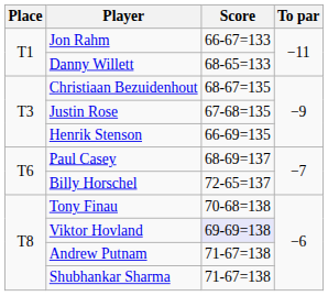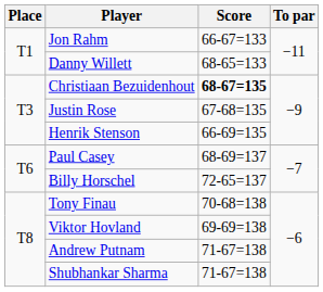 <table class="wikitable">
 <tr>
 <th>Place</th>
 <th>Player</th>
 <th>Score</th>
 <th>To par</th>
 </tr>
 <tr>
 <td align=center rowspan=2>T1</td>
 <td> <a href='#'>Jon Rahm</a></td>
 <td>66-67=133</td>
 <td align=center rowspan=2>−11</td>
 </tr>
 <tr>
 <td> <a href='#'>Danny Willett</a></td>
 <td>68-65=133</td>
 </tr>
 <tr>
 <td align=center rowspan=3>T3</td>
 <td> <a href='#'>Christiaan Bezuidenhout</a></td>
-<td>68-67=135</td>
+<td><strong>68-67=135</strong></td>
 <td align=center rowspan=3>−9</td>
 </tr>
 <tr>
 <td> <a href='#'>Justin Rose</a></td>
 <td>67-68=135</td>
 </tr>
 <tr>
 <td> <a href='#'>Henrik Stenson</a></td>
 <td>66-69=135</td>
 </tr>
 <tr>
 <td align=center rowspan=2>T6</td>
 <td> <a href='#'>Paul Casey</a></td>
 <td>68-69=137</td>
 <td align=center rowspan=2>−7</td>
 </tr>
 <tr>
 <td> <a href='#'>Billy Horschel</a></td>
 <td>72-65=137</td>
 </tr>
 <tr>
 <td align=center rowspan=4>T8</td>
 <td> <a href='#'>Tony Finau</a></td>
 <td>70-68=138</td>
 <td align=center rowspan=4>−6</td>
 </tr>
 <tr>
 <td> <a href='#'>Viktor Hovland</a></td>
-<td style="background: lavender;">69-69=138</td>
+<td>69-69=138</td>
 </tr>
 <tr>
 <td> <a href='#'>Andrew Putnam</a></td>
 <td>71-67=138</td>
 </tr>
 <tr>
 <td> <a href='#'>Shubhankar Sharma</a></td>
 <td>71-67=138</td>
 </tr>
 </table>
